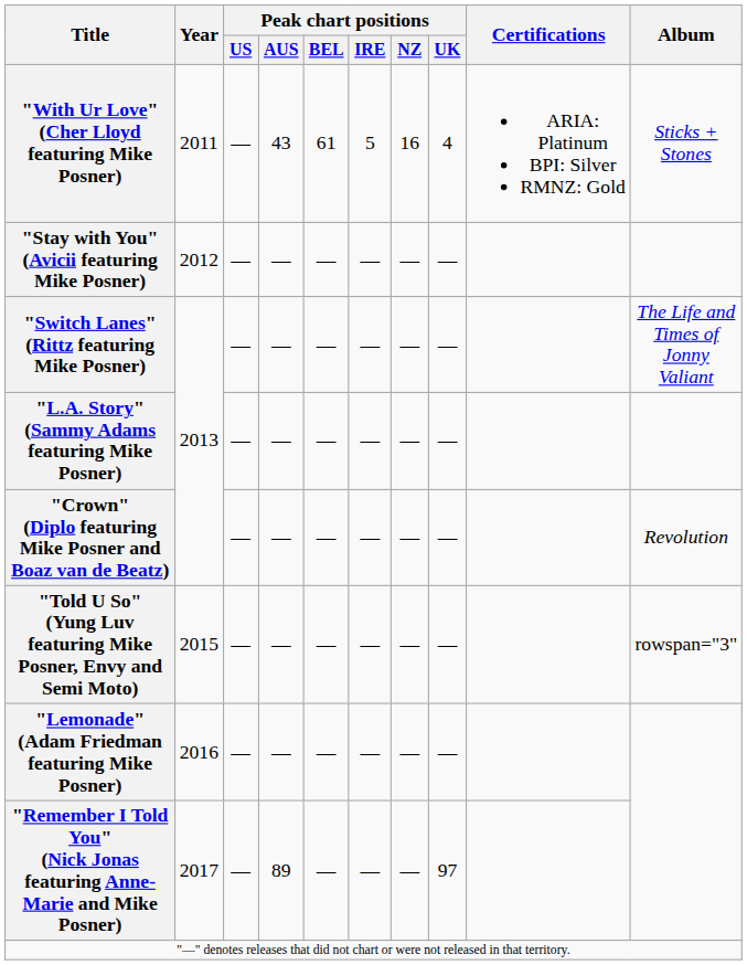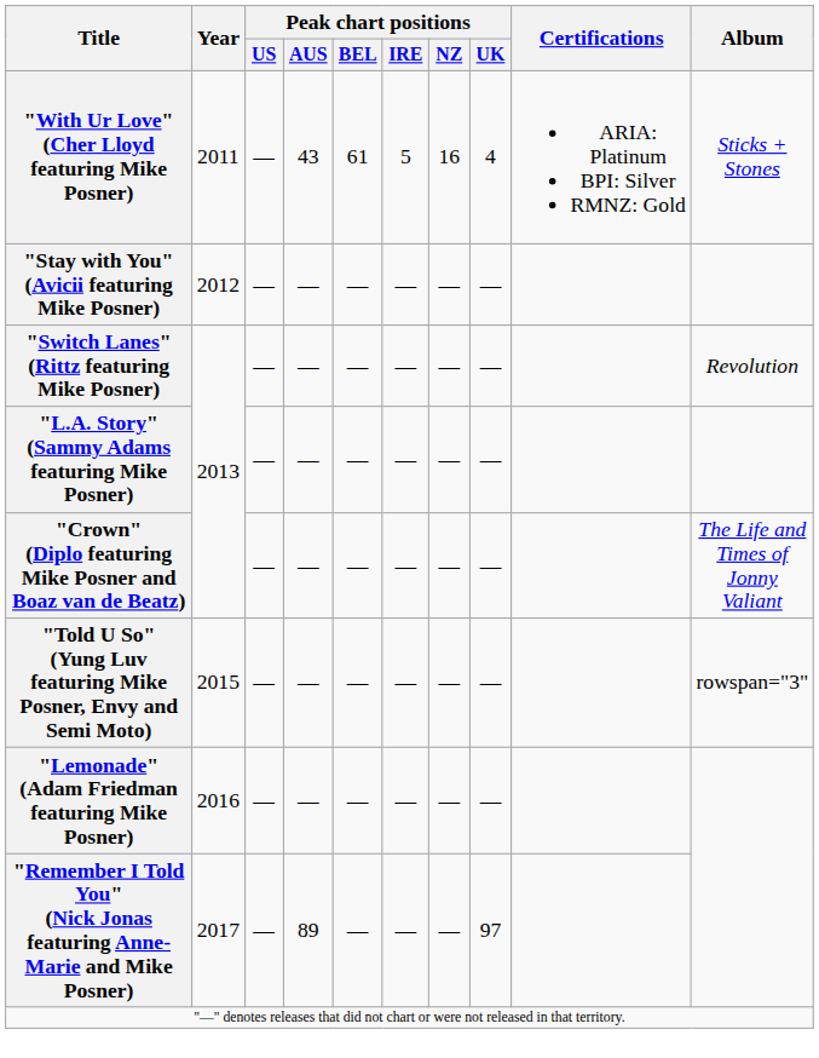 <table class="wikitable plainrowheaders" style="text-align:center;">
 <tr>
 <th scope="col" rowspan="2" style="width:17em;">Title</th>
 <th scope="col" rowspan="2">Year</th>
 <th scope="col" colspan="6">Peak chart positions</th>
 <th scope="col" rowspan="2" style="width:14em;"><a href='#'>Certifications</a></th>
 <th scope="col" rowspan="2">Album</th>
 </tr>
 <tr>
 <th scope="col" style="width:2.5em;font-size:90%;"><a href='#'>US</a><br></th>
 <th scope="col" style="width:2.5em;font-size:90%;"><a href='#'>AUS</a><br></th>
 <th scope="col" style="width:2.5em;font-size:90%;"><a href='#'>BEL</a><br></th>
 <th scope="col" style="width:2.5em;font-size:90%;"><a href='#'>IRE</a><br></th>
 <th scope="col" style="width:2.5em;font-size:90%;"><a href='#'>NZ</a><br></th>
 <th scope="col" style="width:2.5em;font-size:90%;"><a href='#'>UK</a><br></th>
 </tr>
 <tr>
 <th scope="row">"<a href='#'>With Ur Love</a>"<br><span>(<a href='#'>Cher Lloyd</a> featuring Mike Posner)</span></th>
 <td>2011</td>
 <td>—</td>
 <td>43</td>
 <td>61</td>
 <td>5</td>
 <td>16</td>
 <td>4</td>
 <td><br><ul><li>ARIA: Platinum</li><li>BPI: Silver</li><li>RMNZ: Gold</li></ul></td>
 <td><em><a href='#'>Sticks + Stones</a></em></td>
 </tr>
 <tr>
 <th scope="row">"Stay with You"<br><span>(<a href='#'>Avicii</a> featuring Mike Posner)</span></th>
 <td>2012</td>
 <td>—</td>
 <td>—</td>
 <td>—</td>
 <td>—</td>
 <td>—</td>
 <td>—</td>
 <td></td>
 <td></td>
 </tr>
 <tr>
 <th scope="row">"<a href='#'>Switch Lanes</a>"<br><span>(<a href='#'>Rittz</a> featuring Mike Posner)</span></th>
 <td rowspan="3">2013</td>
 <td>—</td>
 <td>—</td>
 <td>—</td>
 <td>—</td>
 <td>—</td>
 <td>—</td>
 <td></td>
-<td><em><a href='#'>The Life and Times of Jonny Valiant</a></em></td>
+<td><em>Revolution</em></td>
 </tr>
 <tr>
 <th scope="row">"<a href='#'>L.A. Story</a>"<br><span>(<a href='#'>Sammy Adams</a> featuring Mike Posner)</span></th>
 <td>—</td>
 <td>—</td>
 <td>—</td>
 <td>—</td>
 <td>—</td>
 <td>—</td>
 <td></td>
 <td></td>
 </tr>
 <tr>
 <th scope="row">"Crown"<br><span>(<a href='#'>Diplo</a> featuring Mike Posner and <a href='#'>Boaz van de Beatz</a>)</span></th>
 <td>—</td>
 <td>—</td>
 <td>—</td>
 <td>—</td>
 <td>—</td>
 <td>—</td>
 <td></td>
-<td><em>Revolution</em></td>
+<td><em><a href='#'>The Life and Times of Jonny Valiant</a></em></td>
 </tr>
 <tr>
 <th scope="row">"Told U So"<br><span>(Yung Luv featuring Mike Posner, Envy and Semi Moto)</span></th>
 <td>2015</td>
 <td>—</td>
 <td>—</td>
 <td>—</td>
 <td>—</td>
 <td>—</td>
 <td>—</td>
 <td></td>
 <td>rowspan="3" </td>
 </tr>
 <tr>
 <th scope="row">"<a href='#'>Lemonade</a>"<br><span>(Adam Friedman featuring Mike Posner)</span></th>
 <td>2016</td>
 <td>—</td>
 <td>—</td>
 <td>—</td>
 <td>—</td>
 <td>—</td>
 <td>—</td>
 <td></td>
 </tr>
 <tr>
 <th scope="row">"<a href='#'>Remember I Told You</a>"<br><span>(<a href='#'>Nick Jonas</a> featuring <a href='#'>Anne-Marie</a> and Mike Posner)</span></th>
 <td>2017</td>
 <td>—</td>
 <td>89</td>
 <td>—</td>
 <td>—</td>
 <td>—</td>
 <td>97</td>
 <td></td>
 </tr>
 <tr>
 <td colspan="15" style="text-align:center; font-size:8pt;">"—" denotes releases that did not chart or were not released in that territory.</td>
 </tr>
 </table>
